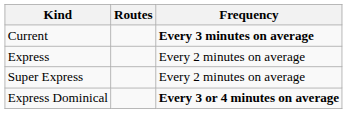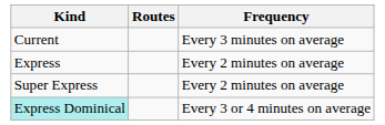 <table class="wikitable" style="margin-left: auto; margin-right: auto; border: none;">
 <tr>
 <th>Kind</th>
 <th>Routes</th>
 <th>Frequency</th>
 </tr>
 <tr>
 <td>Current</td>
 <td></td>
-<td><strong>Every 3 minutes on average</strong></td>
+<td>Every 3 minutes on average</td>
 </tr>
 <tr>
 <td>Express</td>
 <td> </td>
 <td>Every 2 minutes on average</td>
 </tr>
 <tr>
 <td>Super Express</td>
 <td> </td>
 <td>Every 2 minutes on average</td>
 </tr>
 <tr>
-<td>Express Dominical</td>
+<td style="background: paleturquoise;">Express Dominical</td>
 <td> </td>
-<td><strong>Every 3 or 4 minutes on average</strong></td>
+<td>Every 3 or 4 minutes on average</td>
 </tr>
 </table>
